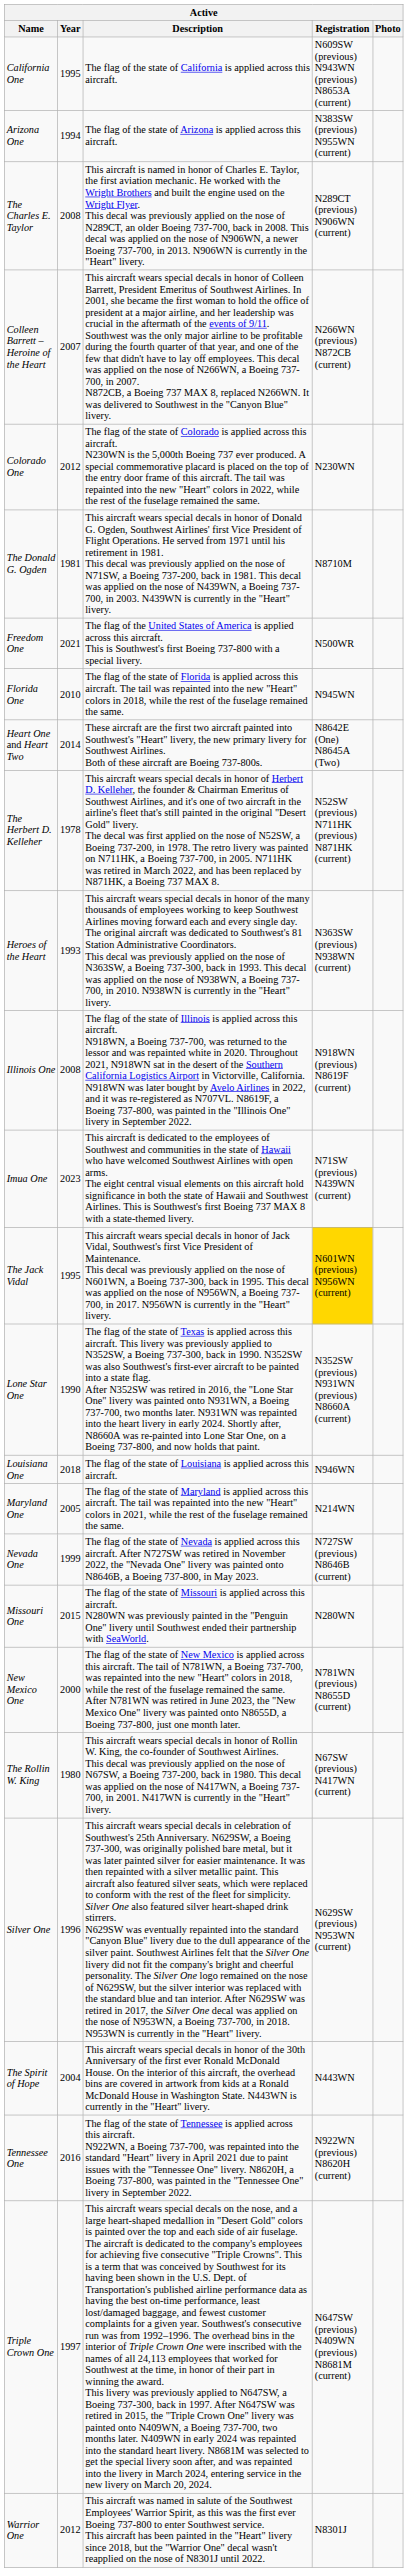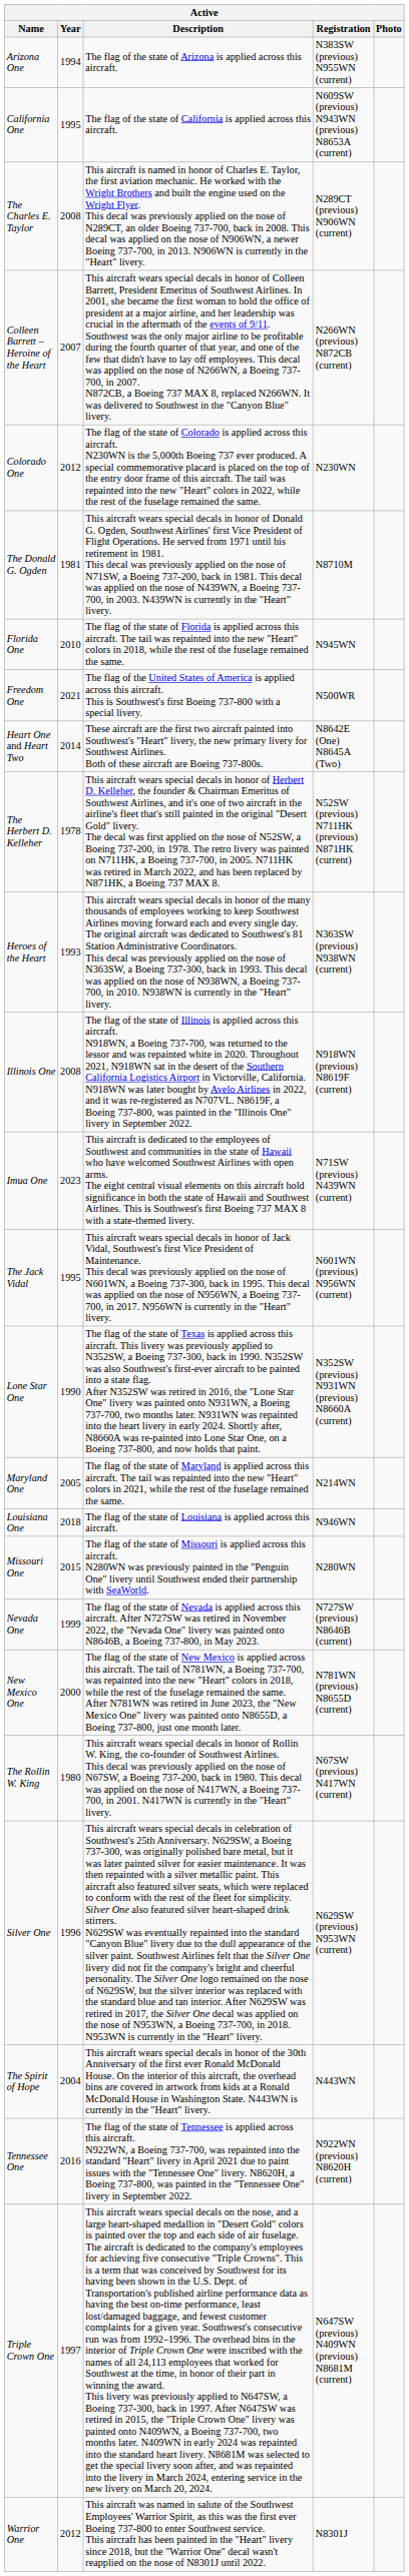 <table class="wikitable" style="margin:auto;">
 <tr>
 <th colspan="5">Active</th>
 </tr>
 <tr>
 <th>Name</th>
 <th>Year</th>
 <th>Description</th>
 <th>Registration</th>
 <th>Photo</th>
 </tr>
 <tr>
+<td><em>Arizona One</em></td>
+<td>1994</td>
+<td>The flag of the state of <a href='#'>Arizona</a> is applied across this aircraft.</td>
+<td>N383SW (previous)<br>N955WN (current)</td>
+<td></td>
+</tr>
+<tr>
 <td><em>California One</em></td>
 <td>1995</td>
 <td>The flag of the state of <a href='#'>California</a> is applied across this aircraft.</td>
 <td>N609SW (previous)<br>N943WN (previous)<br>N8653A (current)</td>
-<td></td>
-</tr>
-<tr>
-<td><em>Arizona One</em></td>
-<td>1994</td>
-<td>The flag of the state of <a href='#'>Arizona</a> is applied across this aircraft.</td>
-<td>N383SW (previous)<br>N955WN (current)</td>
 <td></td>
 </tr>
 <tr>
 <td><em>The Charles E. Taylor</em></td>
 <td>2008</td>
 <td>This aircraft is named in honor of Charles E. Taylor, the first aviation mechanic. He worked with the <a href='#'>Wright Brothers</a> and built the engine used on the <a href='#'>Wright Flyer</a>.<br>This decal was previously applied on the nose of N289CT, an older Boeing 737-700, back in 2008. This decal was applied on the nose of N906WN, a newer Boeing 737-700, in 2013. N906WN is currently in the "Heart" livery.</td>
 <td>N289CT (previous)<br>N906WN (current)</td>
 <td></td>
 </tr>
 <tr>
 <td><em>Colleen Barrett – Heroine of the Heart</em></td>
 <td>2007</td>
 <td>This aircraft wears special decals in honor of Colleen Barrett, President Emeritus of Southwest Airlines. In 2001, she became the first woman to hold the office of president at a major airline, and her leadership was crucial in the aftermath of the <a href='#'>events of 9/11</a>.<br>Southwest was the only major airline to be profitable during the fourth quarter of that year, and one of the few that didn't have to lay off employees. This decal was applied on the nose of N266WN, a Boeing 737-700, in 2007.<br>N872CB, a Boeing 737 MAX 8, replaced N266WN. It was delivered to Southwest in the "Canyon Blue" livery.</td>
 <td>N266WN (previous)<br>N872CB (current)</td>
 <td></td>
 </tr>
 <tr>
 <td><em>Colorado One</em></td>
 <td>2012</td>
 <td>The flag of the state of <a href='#'>Colorado</a> is applied across this aircraft.<br>N230WN is the 5,000th Boeing 737 ever produced. A special commemorative placard is placed on the top of the entry door frame of this aircraft. The tail was repainted into the new "Heart" colors in 2022, while the rest of the fuselage remained the same.</td>
 <td>N230WN</td>
 <td></td>
 </tr>
 <tr>
 <td><em>The Donald G. Ogden</em></td>
 <td>1981</td>
 <td>This aircraft wears special decals in honor of Donald G. Ogden, Southwest Airlines' first Vice President of Flight Operations. He served from 1971 until his retirement in 1981.<br>This decal was previously applied on the nose of N71SW, a Boeing 737-200, back in 1981. This decal was applied on the nose of N439WN, a Boeing 737-700, in 2003. N439WN is currently in the "Heart" livery.</td>
 <td>N8710M</td>
 <td></td>
 </tr>
 <tr>
+<td><em>Florida One</em></td>
+<td>2010</td>
+<td>The flag of the state of <a href='#'>Florida</a> is applied across this aircraft. The tail was repainted into the new "Heart" colors in 2018, while the rest of the fuselage remained the same.</td>
+<td>N945WN</td>
+<td></td>
+</tr>
+<tr>
 <td><em>Freedom One</em></td>
 <td>2021</td>
 <td>The flag of the <a href='#'>United States of America</a> is applied across this aircraft.<br>This is Southwest's first Boeing 737-800 with a special livery.</td>
 <td>N500WR</td>
-<td></td>
-</tr>
-<tr>
-<td><em>Florida One</em></td>
-<td>2010</td>
-<td>The flag of the state of <a href='#'>Florida</a> is applied across this aircraft. The tail was repainted into the new "Heart" colors in 2018, while the rest of the fuselage remained the same.</td>
-<td>N945WN</td>
 <td></td>
 </tr>
 <tr>
 <td><em>Heart One</em> and <em>Heart Two</em></td>
 <td>2014</td>
 <td>These aircraft are the first two aircraft painted into Southwest's "Heart" livery, the new primary livery for Southwest Airlines.<br>Both of these aircraft are Boeing 737-800s.</td>
 <td>N8642E (One)<br>N8645A (Two)</td>
 <td></td>
 </tr>
 <tr>
 <td><em>The Herbert D. Kelleher</em></td>
 <td>1978</td>
 <td>This aircraft wears special decals in honor of <a href='#'>Herbert D. Kelleher</a>, the founder & Chairman Emeritus of Southwest Airlines, and it's one of two aircraft in the airline's fleet that's still painted in the original "Desert Gold" livery.<br>The decal was first applied on the nose of N52SW, a Boeing 737-200, in 1978. The retro livery was painted on N711HK, a Boeing 737-700, in 2005. N711HK was retired in March 2022, and has been replaced by N871HK, a Boeing 737 MAX 8.</td>
 <td>N52SW (previous)<br>N711HK (previous)<br>N871HK (current)</td>
 <td></td>
 </tr>
 <tr>
 <td><em>Heroes of the Heart</em></td>
 <td>1993</td>
 <td>This aircraft wears special decals in honor of the many thousands of employees working to keep Southwest Airlines moving forward each and every single day. The original aircraft was dedicated to Southwest's 81 Station Administrative Coordinators.<br>This decal was previously applied on the nose of N363SW, a Boeing 737-300, back in 1993. This decal was applied on the nose of N938WN, a Boeing 737-700, in 2010. N938WN is currently in the "Heart" livery.</td>
 <td>N363SW (previous)<br>N938WN (current)</td>
 <td></td>
 </tr>
 <tr>
 <td><em>Illinois One</em></td>
 <td>2008</td>
 <td>The flag of the state of <a href='#'>Illinois</a> is applied across this aircraft.<br>N918WN, a Boeing 737-700, was returned to the lessor and was repainted white in 2020. Throughout 2021, N918WN sat in the desert of the <a href='#'>Southern California Logistics Airport</a> in Victorville, California. N918WN was later bought by <a href='#'>Avelo Airlines</a> in 2022, and it was re-registered as N707VL. N8619F, a Boeing 737-800, was painted in the "Illinois One" livery in September 2022.</td>
 <td>N918WN (previous)<br>N8619F (current)</td>
 <td></td>
 </tr>
 <tr>
 <td><em>Imua One</em></td>
 <td>2023</td>
 <td>This aircraft is dedicated to the employees of Southwest and communities in the state of <a href='#'>Hawaii</a> who have welcomed Southwest Airlines with open arms.<br>The eight central visual elements on this aircraft hold significance in both the state of Hawaii and Southwest Airlines. This is Southwest's first Boeing 737 MAX 8 with a state-themed livery.</td>
 <td>N71SW (previous)<br>N439WN (current)</td>
 <td></td>
 </tr>
 <tr>
 <td><em>The Jack Vidal</em></td>
 <td>1995</td>
 <td>This aircraft wears special decals in honor of Jack Vidal, Southwest's first Vice President of Maintenance.<br>This decal was previously applied on the nose of N601WN, a Boeing 737-300, back in 1995. This decal was applied on the nose of N956WN, a Boeing 737-700, in 2017. N956WN is currently in the "Heart" livery.</td>
-<td style="background: gold;">N601WN (previous)<br>N956WN (current)</td>
+<td>N601WN (previous)<br>N956WN (current)</td>
 <td></td>
 </tr>
 <tr>
 <td><em>Lone Star One</em></td>
 <td>1990</td>
 <td>The flag of the state of <a href='#'>Texas</a> is applied across this aircraft. This livery was previously applied to N352SW, a Boeing 737-300, back in 1990. N352SW was also Southwest's first-ever aircraft to be painted into a state flag.<br>After N352SW was retired in 2016, the "Lone Star One" livery was painted onto N931WN, a Boeing 737-700, two months later. N931WN was repainted into the heart livery in early 2024. Shortly after, N8660A was re-painted into Lone Star One, on a Boeing 737-800, and now holds that paint.</td>
 <td>N352SW (previous)<br>N931WN (previous)<br>N8660A (current)</td>
 <td></td>
 </tr>
 <tr>
+<td><em>Maryland One</em></td>
+<td>2005</td>
+<td>The flag of the state of <a href='#'>Maryland</a> is applied across this aircraft. The tail was repainted into the new "Heart" colors in 2021, while the rest of the fuselage remained the same.</td>
+<td>N214WN</td>
+<td></td>
+</tr>
+<tr>
 <td><em>Louisiana One</em></td>
 <td>2018</td>
 <td>The flag of the state of <a href='#'>Louisiana</a> is applied across this aircraft.</td>
 <td>N946WN</td>
 <td></td>
 </tr>
 <tr>
-<td><em>Maryland One</em></td>
-<td>2005</td>
-<td>The flag of the state of <a href='#'>Maryland</a> is applied across this aircraft. The tail was repainted into the new "Heart" colors in 2021, while the rest of the fuselage remained the same.</td>
-<td>N214WN</td>
+<td><em>Missouri One</em></td>
+<td>2015</td>
+<td>The flag of the state of <a href='#'>Missouri</a> is applied across this aircraft.<br>N280WN was previously painted in the "Penguin One" livery until Southwest ended their partnership with <a href='#'>SeaWorld</a>.</td>
+<td>N280WN</td>
 <td></td>
 </tr>
 <tr>
 <td><em>Nevada One</em></td>
 <td>1999</td>
 <td>The flag of the state of <a href='#'>Nevada</a> is applied across this aircraft. After N727SW was retired in November 2022, the "Nevada One" livery was painted onto N8646B, a Boeing 737-800, in May 2023.</td>
 <td>N727SW (previous)<br>N8646B (current)</td>
-<td></td>
-</tr>
-<tr>
-<td><em>Missouri One</em></td>
-<td>2015</td>
-<td>The flag of the state of <a href='#'>Missouri</a> is applied across this aircraft.<br>N280WN was previously painted in the "Penguin One" livery until Southwest ended their partnership with <a href='#'>SeaWorld</a>.</td>
-<td>N280WN</td>
 <td></td>
 </tr>
 <tr>
 <td><em>New Mexico One</em></td>
 <td>2000</td>
 <td>The flag of the state of <a href='#'>New Mexico</a> is applied across this aircraft. The tail of N781WN, a Boeing 737-700, was repainted into the new "Heart" colors in 2018, while the rest of the fuselage remained the same.<br>After N781WN was retired in June 2023, the "New Mexico One" livery was painted onto N8655D, a Boeing 737-800, just one month later.</td>
 <td>N781WN (previous)<br>N8655D (current)</td>
 <td></td>
 </tr>
 <tr>
 <td><em>The Rollin W. King</em></td>
 <td>1980</td>
 <td>This aircraft wears special decals in honor of Rollin W. King, the co-founder of Southwest Airlines.<br>This decal was previously applied on the nose of N67SW, a Boeing 737-200, back in 1980. This decal was applied on the nose of N417WN, a Boeing 737-700, in 2001. N417WN is currently in the "Heart" livery.</td>
 <td>N67SW (previous)<br>N417WN (current)</td>
 <td></td>
 </tr>
 <tr>
 <td><em>Silver One</em></td>
 <td>1996</td>
 <td>This aircraft wears special decals in celebration of Southwest's 25th Anniversary. N629SW, a Boeing 737-300, was originally polished bare metal, but it was later painted silver for easier maintenance. It was then repainted with a silver metallic paint. This aircraft also featured silver seats, which were replaced to conform with the rest of the fleet for simplicity. <em>Silver One</em> also featured silver heart-shaped drink stirrers.<br>N629SW was eventually repainted into the standard "Canyon Blue" livery due to the dull appearance of the silver paint. Southwest Airlines felt that the <em>Silver One</em> livery did not fit the company's bright and cheerful personality. The <em>Silver One</em> logo remained on the nose of N629SW, but the silver interior was replaced with the standard blue and tan interior. After N629SW was retired in 2017, the <em>Silver One</em> decal was applied on the nose of N953WN, a Boeing 737-700, in 2018. N953WN is currently in the "Heart" livery.</td>
 <td>N629SW (previous)<br>N953WN (current)</td>
 <td></td>
 </tr>
 <tr>
 <td><em>The Spirit of Hope</em></td>
 <td>2004</td>
 <td>This aircraft wears special decals in honor of the 30th Anniversary of the first ever Ronald McDonald House. On the interior of this aircraft, the overhead bins are covered in artwork from kids at a Ronald McDonald House in Washington State. N443WN is currently in the "Heart" livery.</td>
 <td>N443WN</td>
 <td></td>
 </tr>
 <tr>
 <td><em>Tennessee One</em></td>
 <td>2016</td>
 <td>The flag of the state of <a href='#'>Tennessee</a> is applied across this aircraft.<br>N922WN, a Boeing 737-700, was repainted into the standard "Heart" livery in April 2021 due to paint issues with the "Tennessee One" livery. N8620H, a Boeing 737-800, was painted in the "Tennessee One" livery in September 2022.</td>
 <td>N922WN (previous)<br>N8620H (current)</td>
 <td></td>
 </tr>
 <tr>
 <td><em>Triple Crown One</em></td>
 <td>1997</td>
 <td>This aircraft wears special decals on the nose, and a large heart-shaped medallion in "Desert Gold" colors is painted over the top and each side of air fuselage. The aircraft is dedicated to the company's employees for achieving five consecutive "Triple Crowns". This is a term that was conceived by Southwest for its having been shown in the U.S. Dept. of Transportation's published airline performance data as having the best on-time performance, least lost/damaged baggage, and fewest customer complaints for a given year. Southwest's consecutive run was from 1992–1996. The overhead bins in the interior of <em>Triple Crown One</em> were inscribed with the names of all 24,113 employees that worked for Southwest at the time, in honor of their part in winning the award.<br>This livery was previously applied to N647SW, a Boeing 737-300, back in 1997. After N647SW was retired in 2015, the "Triple Crown One" livery was painted onto N409WN, a Boeing 737-700, two months later. N409WN in early 2024 was repainted into the standard heart livery. N8681M was selected to get the special livery soon after, and was repainted into the livery in March 2024, entering service in the new livery on March 20, 2024.</td>
 <td>N647SW (previous)<br>N409WN (previous)<br>N8681M (current)</td>
 <td></td>
 </tr>
 <tr>
 <td><em>Warrior One</em></td>
 <td>2012</td>
 <td>This aircraft was named in salute of the Southwest Employees' Warrior Spirit, as this was the first ever Boeing 737-800 to enter Southwest service.<br>This aircraft has been painted in the "Heart" livery since 2018, but the "Warrior One" decal wasn't reapplied on the nose of N8301J until 2022.</td>
 <td>N8301J</td>
 <td></td>
 </tr>
 </table>
